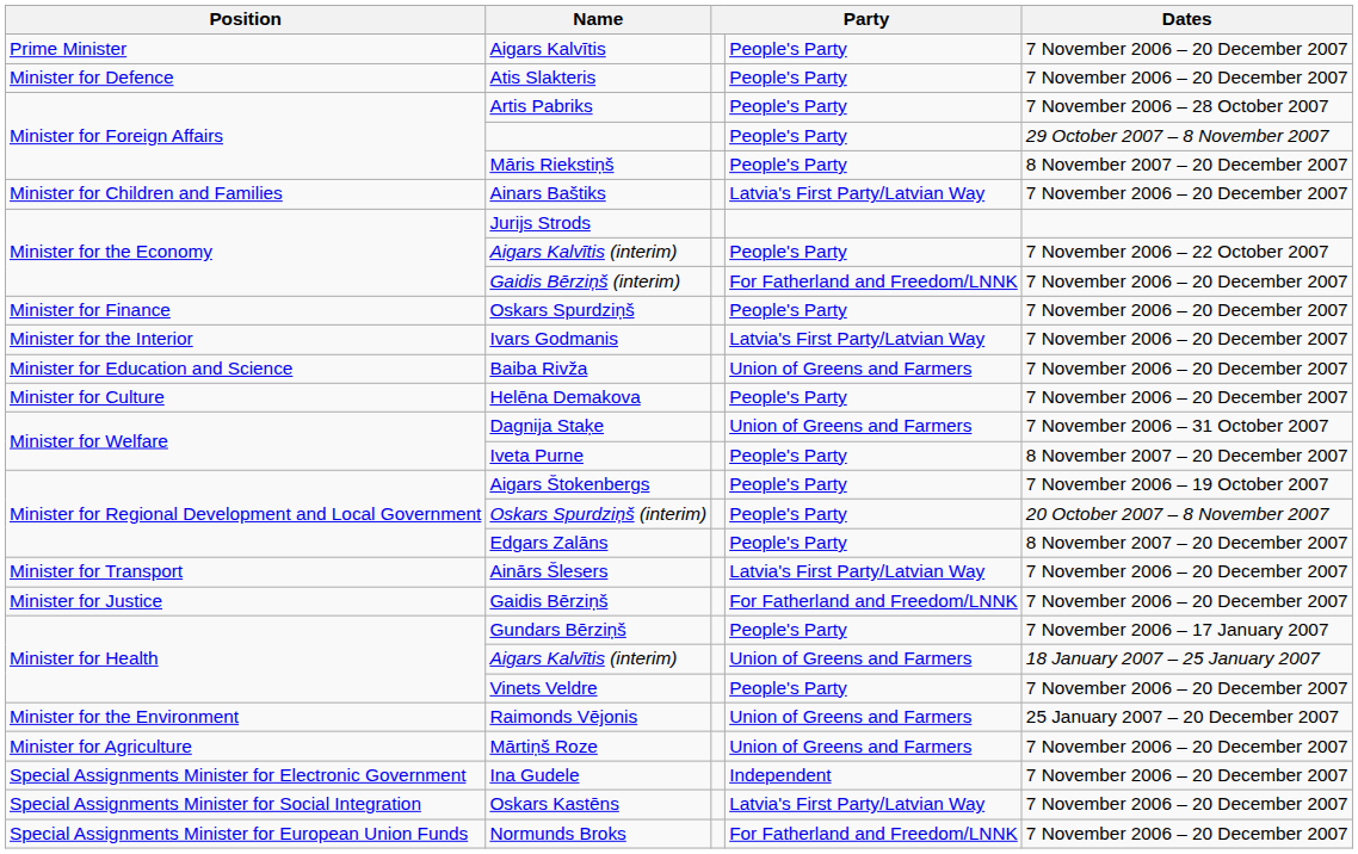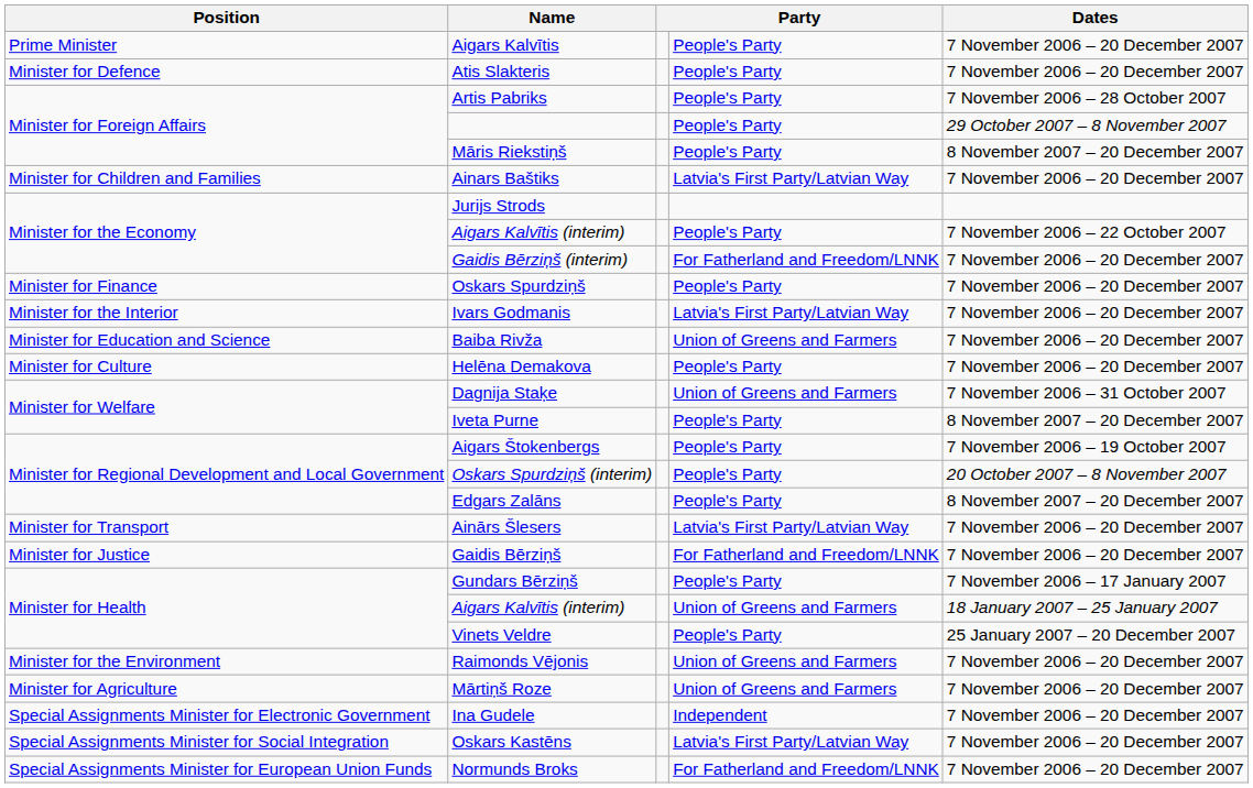 <table class="wikitable">
 <tr>
 <th>Position</th>
 <th>Name</th>
 <th colspan=2>Party</th>
 <th>Dates</th>
 </tr>
 <tr>
 <td><a href='#'>Prime Minister</a></td>
 <td><a href='#'>Aigars Kalvītis</a></td>
 <td width=5px style="background-color: "></td>
 <td><a href='#'>People's Party</a></td>
 <td>7 November 2006 – 20 December 2007</td>
 </tr>
 <tr>
 <td><a href='#'>Minister for Defence</a></td>
 <td><a href='#'>Atis Slakteris</a></td>
 <td style="background-color: "></td>
 <td><a href='#'>People's Party</a></td>
 <td>7 November 2006 – 20 December 2007</td>
 </tr>
 <tr>
 <td rowspan="3"><a href='#'>Minister for Foreign Affairs</a></td>
 <td><a href='#'>Artis Pabriks</a></td>
 <td style="background-color: "></td>
 <td><a href='#'>People's Party</a></td>
 <td>7 November 2006 – 28 October 2007</td>
 </tr>
 <tr>
 <td></td>
 <td style="background-color: "></td>
 <td><a href='#'>People's Party</a></td>
 <td><em>29 October 2007 – 8 November 2007</em></td>
 </tr>
 <tr>
 <td><a href='#'>Māris Riekstiņš</a></td>
 <td style="background-color: "></td>
 <td><a href='#'>People's Party</a></td>
 <td>8 November 2007 – 20 December 2007</td>
 </tr>
 <tr>
 <td><a href='#'>Minister for Children and Families</a></td>
 <td><a href='#'>Ainars Baštiks</a></td>
 <td style="background-color: "></td>
 <td><a href='#'>Latvia's First Party/Latvian Way</a></td>
 <td>7 November 2006 – 20 December 2007</td>
 </tr>
 <tr>
 <td rowspan="3"><a href='#'>Minister for the Economy</a></td>
 <td><a href='#'>Jurijs Strods</a></td>
 <td style="background-color: "></td>
 <td></td>
 <td></td>
 </tr>
 <tr>
 <td><em><a href='#'>Aigars Kalvītis</a> (interim)</em></td>
 <td style="background-color: "></td>
 <td><a href='#'>People's Party</a></td>
 <td>7 November 2006 – 22 October 2007</td>
 </tr>
 <tr>
 <td><em><a href='#'>Gaidis Bērziņš</a> (interim)</em></td>
 <td style="background-color: "></td>
 <td><a href='#'>For Fatherland and Freedom/LNNK</a></td>
 <td>7 November 2006 – 20 December 2007</td>
 </tr>
 <tr>
 <td><a href='#'>Minister for Finance</a></td>
 <td><a href='#'>Oskars Spurdziņš</a></td>
 <td style="background-color: "></td>
 <td><a href='#'>People's Party</a></td>
 <td>7 November 2006 – 20 December 2007</td>
 </tr>
 <tr>
 <td><a href='#'>Minister for the Interior</a></td>
 <td><a href='#'>Ivars Godmanis</a></td>
 <td style="background-color: "></td>
 <td><a href='#'>Latvia's First Party/Latvian Way</a></td>
 <td>7 November 2006 – 20 December 2007</td>
 </tr>
 <tr>
 <td><a href='#'>Minister for Education and Science</a></td>
 <td><a href='#'>Baiba Rivža</a></td>
 <td style="background-color: "></td>
 <td><a href='#'>Union of Greens and Farmers</a></td>
 <td>7 November 2006 – 20 December 2007</td>
 </tr>
 <tr>
 <td><a href='#'>Minister for Culture</a></td>
 <td><a href='#'>Helēna Demakova</a></td>
 <td style="background-color: "></td>
 <td><a href='#'>People's Party</a></td>
 <td>7 November 2006 – 20 December 2007</td>
 </tr>
 <tr>
 <td rowspan="2"><a href='#'>Minister for Welfare</a></td>
 <td><a href='#'>Dagnija Staķe</a></td>
 <td style="background-color: "></td>
 <td><a href='#'>Union of Greens and Farmers</a></td>
 <td>7 November 2006 – 31 October 2007</td>
 </tr>
 <tr>
 <td><a href='#'>Iveta Purne</a></td>
 <td style="background-color: "></td>
 <td><a href='#'>People's Party</a></td>
 <td>8 November 2007 – 20 December 2007</td>
 </tr>
 <tr>
 <td rowspan="3"><a href='#'>Minister for Regional Development and Local Government</a></td>
 <td><a href='#'>Aigars Štokenbergs</a></td>
 <td style="background-color: "></td>
 <td><a href='#'>People's Party</a></td>
 <td>7 November 2006 – 19 October 2007</td>
 </tr>
 <tr>
 <td><em><a href='#'>Oskars Spurdziņš</a> (interim)</em></td>
 <td style="background-color: "></td>
 <td><a href='#'>People's Party</a></td>
 <td><em>20 October 2007 – 8 November 2007</em></td>
 </tr>
 <tr>
 <td><a href='#'>Edgars Zalāns</a></td>
 <td style="background-color: "></td>
 <td><a href='#'>People's Party</a></td>
 <td>8 November 2007 – 20 December 2007</td>
 </tr>
 <tr>
 <td><a href='#'>Minister for Transport</a></td>
 <td><a href='#'>Ainārs Šlesers</a></td>
 <td style="background-color: "></td>
 <td><a href='#'>Latvia's First Party/Latvian Way</a></td>
 <td>7 November 2006 – 20 December 2007</td>
 </tr>
 <tr>
 <td><a href='#'>Minister for Justice</a></td>
 <td><a href='#'>Gaidis Bērziņš</a></td>
 <td style="background-color: "></td>
 <td><a href='#'>For Fatherland and Freedom/LNNK</a></td>
 <td>7 November 2006 – 20 December 2007</td>
 </tr>
 <tr>
 <td rowspan="3"><a href='#'>Minister for Health</a></td>
 <td><a href='#'>Gundars Bērziņš</a></td>
 <td style="background-color: "></td>
 <td><a href='#'>People's Party</a></td>
 <td>7 November 2006 – 17 January 2007</td>
 </tr>
 <tr>
 <td><em><a href='#'>Aigars Kalvītis</a> (interim)</em></td>
 <td style="background-color: "></td>
 <td><a href='#'>Union of Greens and Farmers</a></td>
 <td><em>18 January 2007 – 25 January 2007</em></td>
 </tr>
 <tr>
 <td><a href='#'>Vinets Veldre</a></td>
 <td style="background-color: "></td>
 <td><a href='#'>People's Party</a></td>
-<td>7 November 2006 – 20 December 2007</td>
+<td>25 January 2007 – 20 December 2007</td>
 </tr>
 <tr>
 <td><a href='#'>Minister for the Environment</a></td>
 <td><a href='#'>Raimonds Vējonis</a></td>
 <td style="background-color: "></td>
 <td><a href='#'>Union of Greens and Farmers</a></td>
-<td>25 January 2007 – 20 December 2007</td>
+<td>7 November 2006 – 20 December 2007</td>
 </tr>
 <tr>
 <td><a href='#'>Minister for Agriculture</a></td>
 <td><a href='#'>Mārtiņš Roze</a></td>
 <td style="background-color: "></td>
 <td><a href='#'>Union of Greens and Farmers</a></td>
 <td>7 November 2006 – 20 December 2007</td>
 </tr>
 <tr>
 <td><a href='#'>Special Assignments Minister for Electronic Government</a></td>
 <td><a href='#'>Ina Gudele</a></td>
 <td style="background-color: "></td>
 <td><a href='#'>Independent</a></td>
 <td>7 November 2006 – 20 December 2007</td>
 </tr>
 <tr>
 <td><a href='#'>Special Assignments Minister for Social Integration</a></td>
 <td><a href='#'>Oskars Kastēns</a></td>
 <td style="background-color: "></td>
 <td><a href='#'>Latvia's First Party/Latvian Way</a></td>
 <td>7 November 2006 – 20 December 2007</td>
 </tr>
 <tr>
 <td><a href='#'>Special Assignments Minister for European Union Funds</a></td>
 <td><a href='#'>Normunds Broks</a></td>
 <td style="background-color: "></td>
 <td><a href='#'>For Fatherland and Freedom/LNNK</a></td>
 <td>7 November 2006 – 20 December 2007</td>
 </tr>
 </table>
